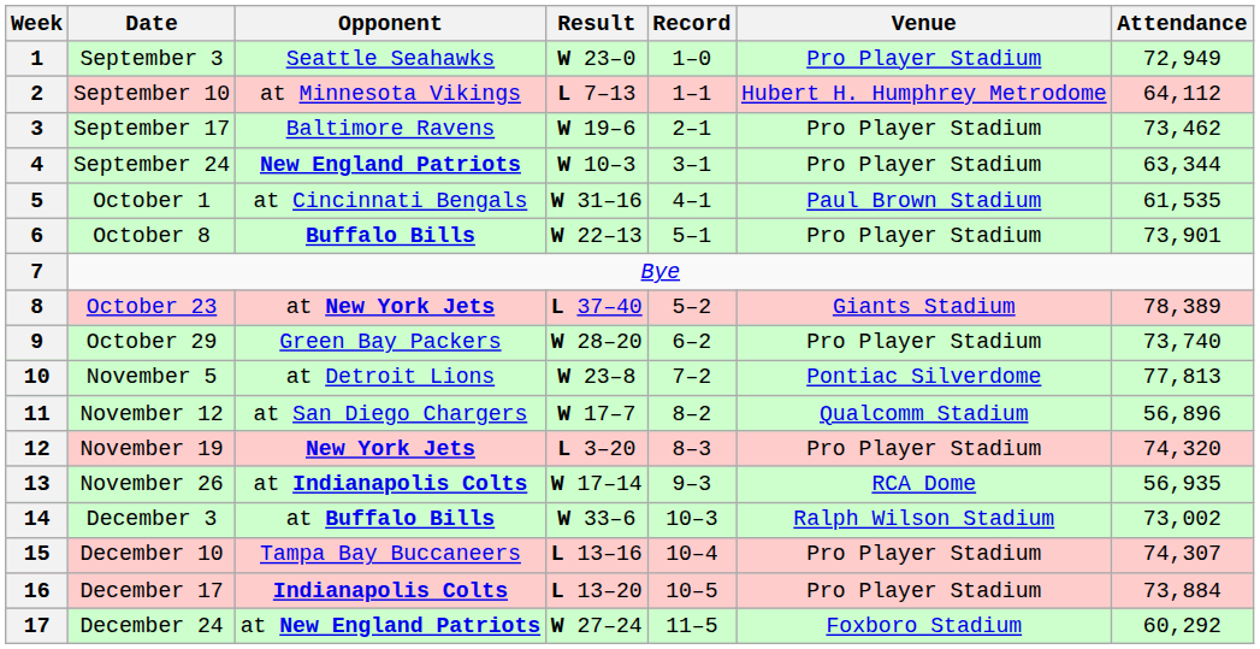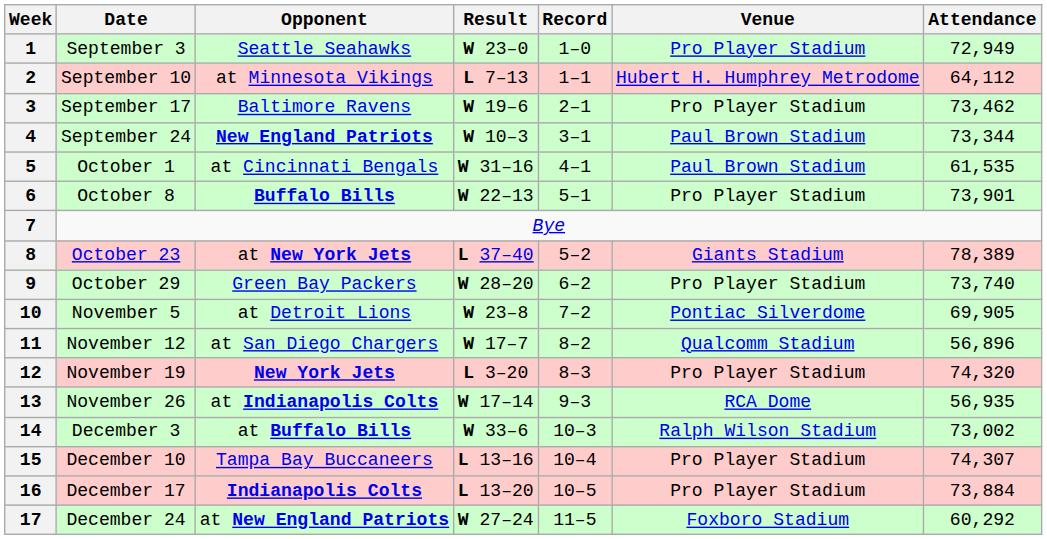 <table class="wikitable" style="text-align:center">
 <tr>
 <th>Week</th>
 <th>Date</th>
 <th>Opponent</th>
 <th>Result</th>
 <th>Record</th>
 <th>Venue</th>
 <th>Attendance</th>
 </tr>
 <tr style="background:#cfc">
 <th>1</th>
 <td>September 3</td>
 <td><a href='#'>Seattle Seahawks</a></td>
 <td><strong>W</strong> 23–0</td>
 <td>1–0</td>
 <td><a href='#'>Pro Player Stadium</a></td>
 <td>72,949</td>
 </tr>
 <tr style="background:#fcc">
 <th>2</th>
 <td>September 10</td>
 <td>at <a href='#'>Minnesota Vikings</a></td>
 <td><strong>L</strong> 7–13</td>
 <td>1–1</td>
 <td><a href='#'>Hubert H. Humphrey Metrodome</a></td>
 <td>64,112</td>
 </tr>
 <tr style="background:#cfc">
 <th>3</th>
 <td>September 17</td>
 <td><a href='#'>Baltimore Ravens</a></td>
 <td><strong>W</strong> 19–6</td>
 <td>2–1</td>
 <td>Pro Player Stadium</td>
 <td>73,462</td>
 </tr>
 <tr style="background:#cfc">
 <th>4</th>
 <td>September 24</td>
 <td><strong><a href='#'>New England Patriots</a></strong></td>
 <td><strong>W</strong> 10–3</td>
 <td>3–1</td>
-<td>Pro Player Stadium</td>
-<td>63,344</td>
+<td><a href='#'>Paul Brown Stadium</a></td>
+<td>73,344</td>
 </tr>
 <tr style="background:#cfc">
 <th>5</th>
 <td>October 1</td>
 <td>at <a href='#'>Cincinnati Bengals</a></td>
 <td><strong>W</strong> 31–16</td>
 <td>4–1</td>
 <td><a href='#'>Paul Brown Stadium</a></td>
 <td>61,535</td>
 </tr>
 <tr style="background:#cfc">
 <th>6</th>
 <td>October 8</td>
 <td><strong><a href='#'>Buffalo Bills</a></strong></td>
 <td><strong>W</strong> 22–13</td>
 <td>5–1</td>
 <td>Pro Player Stadium</td>
 <td>73,901</td>
 </tr>
 <tr>
 <th>7</th>
 <td colspan=6 align="center"><em><a href='#'>Bye</a></em></td>
 </tr>
 <tr style="background:#fcc">
 <th>8</th>
 <td><a href='#'>October 23</a></td>
 <td>at <strong><a href='#'>New York Jets</a></strong></td>
 <td><strong>L</strong> <a href='#'> 37–40 </a></td>
 <td>5–2</td>
 <td><a href='#'>Giants Stadium</a></td>
 <td>78,389</td>
 </tr>
 <tr style="background:#cfc">
 <th>9</th>
 <td>October 29</td>
 <td><a href='#'>Green Bay Packers</a></td>
 <td><strong>W</strong> 28–20</td>
 <td>6–2</td>
 <td>Pro Player Stadium</td>
 <td>73,740</td>
 </tr>
 <tr style="background:#cfc">
 <th>10</th>
 <td>November 5</td>
 <td>at <a href='#'>Detroit Lions</a></td>
 <td><strong>W</strong> 23–8</td>
 <td>7–2</td>
 <td><a href='#'>Pontiac Silverdome</a></td>
-<td>77,813</td>
+<td>69,905</td>
 </tr>
 <tr style="background:#cfc">
 <th>11</th>
 <td>November 12</td>
 <td>at <a href='#'>San Diego Chargers</a></td>
 <td><strong>W</strong> 17–7</td>
 <td>8–2</td>
 <td><a href='#'>Qualcomm Stadium</a></td>
 <td>56,896</td>
 </tr>
 <tr style="background:#fcc">
 <th>12</th>
 <td>November 19</td>
 <td><strong><a href='#'>New York Jets</a></strong></td>
 <td><strong>L</strong> 3–20</td>
 <td>8–3</td>
 <td>Pro Player Stadium</td>
 <td>74,320</td>
 </tr>
 <tr style="background:#cfc">
 <th>13</th>
 <td>November 26</td>
 <td>at <strong><a href='#'>Indianapolis Colts</a></strong></td>
 <td><strong>W</strong> 17–14</td>
 <td>9–3</td>
 <td><a href='#'>RCA Dome</a></td>
 <td>56,935</td>
 </tr>
 <tr style="background:#cfc">
 <th>14</th>
 <td>December 3</td>
 <td>at <strong><a href='#'>Buffalo Bills</a></strong></td>
 <td><strong>W</strong> 33–6</td>
 <td>10–3</td>
 <td><a href='#'>Ralph Wilson Stadium</a></td>
 <td>73,002</td>
 </tr>
 <tr style="background:#fcc">
 <th>15</th>
 <td>December 10</td>
 <td><a href='#'>Tampa Bay Buccaneers</a></td>
 <td><strong>L</strong> 13–16</td>
 <td>10–4</td>
 <td>Pro Player Stadium</td>
 <td>74,307</td>
 </tr>
 <tr style="background:#fcc">
 <th>16</th>
 <td>December 17</td>
 <td><strong><a href='#'>Indianapolis Colts</a></strong></td>
 <td><strong>L</strong> 13–20</td>
 <td>10–5</td>
 <td>Pro Player Stadium</td>
 <td>73,884</td>
 </tr>
 <tr style="background:#cfc">
 <th>17</th>
 <td>December 24</td>
 <td>at <strong><a href='#'>New England Patriots</a></strong></td>
 <td><strong>W</strong> 27–24</td>
 <td>11–5</td>
 <td><a href='#'>Foxboro Stadium</a></td>
 <td>60,292</td>
 </tr>
 </table>
